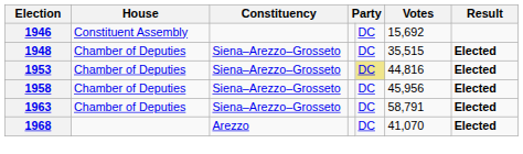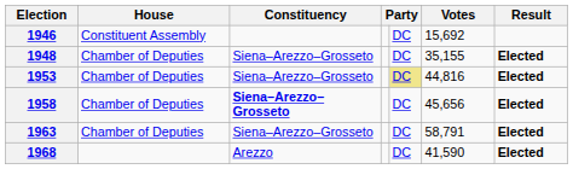 <table class=wikitable style="width:55%; border:1px #AAAAFF solid">
 <tr>
 <th width=12%>Election</th>
 <th width=25%>House</th>
 <th width=25%>Constituency</th>
 <th width=5% colspan="2">Party</th>
 <th width=12%>Votes</th>
 <th width=12%>Result</th>
 </tr>
 <tr>
 <th><a href='#'>1946</a></th>
 <td><a href='#'>Constituent Assembly</a></td>
 <td></td>
 <td></td>
 <td><a href='#'>DC</a></td>
 <td>15,692</td>
 <td></td>
 </tr>
 <tr>
 <th><a href='#'>1948</a></th>
 <td><a href='#'>Chamber of Deputies</a></td>
 <td><a href='#'>Siena–Arezzo–Grosseto</a></td>
 <td></td>
 <td><a href='#'>DC</a></td>
-<td>35,515</td>
+<td>35,155</td>
 <td> <strong>Elected</strong></td>
 </tr>
 <tr>
 <th><a href='#'>1953</a></th>
 <td><a href='#'>Chamber of Deputies</a></td>
 <td><a href='#'>Siena–Arezzo–Grosseto</a></td>
 <td></td>
 <td style="background: khaki;"><a href='#'>DC</a></td>
 <td>44,816</td>
 <td> <strong>Elected</strong></td>
 </tr>
 <tr>
 <th><a href='#'>1958</a></th>
 <td><a href='#'>Chamber of Deputies</a></td>
-<td><a href='#'>Siena–Arezzo–Grosseto</a></td>
+<td><strong><a href='#'>Siena–Arezzo–Grosseto</a></strong></td>
 <td></td>
 <td><a href='#'>DC</a></td>
-<td>45,956</td>
+<td>45,656</td>
 <td> <strong>Elected</strong></td>
 </tr>
 <tr>
 <th><a href='#'>1963</a></th>
 <td><a href='#'>Chamber of Deputies</a></td>
 <td><a href='#'>Siena–Arezzo–Grosseto</a></td>
 <td></td>
 <td><a href='#'>DC</a></td>
 <td>58,791</td>
 <td> <strong>Elected</strong></td>
 </tr>
 <tr>
 <th><a href='#'>1968</a></th>
 <td></td>
 <td><a href='#'>Arezzo</a></td>
 <td></td>
 <td><a href='#'>DC</a></td>
-<td>41,070</td>
+<td>41,590</td>
 <td> <strong>Elected</strong></td>
 </tr>
 </table>
